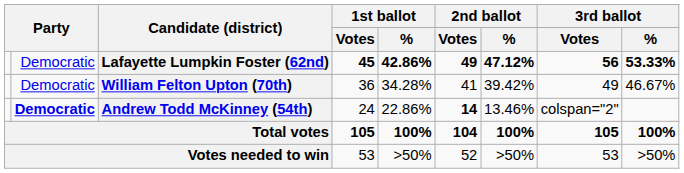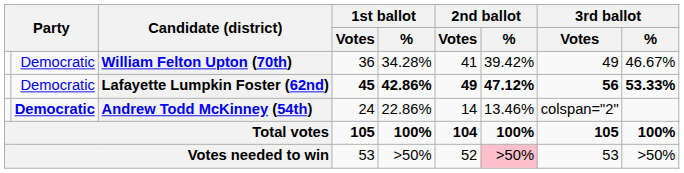 <table class="wikitable plainrowheaders" style="text-align: right;">
 <tr>
 <th colspan="2" rowspan="2" scope="col">Party</th>
 <th rowspan="2" scope="col">Candidate (district)</th>
 <th colspan="2" scope="col">1st ballot</th>
 <th colspan="2" scope="col">2nd ballot</th>
 <th colspan="2" scope="col">3rd ballot</th>
 </tr>
 <tr>
 <th scope="col">Votes</th>
 <th scope="col">%</th>
 <th scope="col">Votes</th>
 <th scope="col">%</th>
 <th scope="col">Votes</th>
 <th scope="col">%</th>
 </tr>
 <tr>
 <td style="background-color:"></td>
 <td><a href='#'>Democratic</a></td>
+<th scope="row" style="text-align: left;"><a href='#'>William Felton Upton</a> (<a href='#'>70th</a>)</th>
+<td>36</td>
+<td>34.28%</td>
+<td>41</td>
+<td>39.42%</td>
+<td>49</td>
+<td>46.67%</td>
+</tr>
+<tr>
+<td style="background-color:"></td>
+<td><a href='#'>Democratic</a></td>
 <th scope="row" style="text-align: left;"><strong>Lafayette Lumpkin Foster</strong> (<a href='#'>62nd</a>)</th>
 <td><strong>45</strong></td>
 <td><strong>42.86%</strong></td>
 <td><strong>49</strong></td>
 <td><strong>47.12%</strong></td>
 <td><strong>56</strong></td>
 <td><strong>53.33%</strong></td>
 </tr>
 <tr>
 <td style="background-color:"></td>
-<td><a href='#'>Democratic</a></td>
-<th scope="row" style="text-align: left;"><a href='#'>William Felton Upton</a> (<a href='#'>70th</a>)</th>
-<td>36</td>
-<td>34.28%</td>
-<td>41</td>
-<td>39.42%</td>
-<td>49</td>
-<td>46.67%</td>
-</tr>
-<tr>
-<td style="background-color:"></td>
 <td><strong><a href='#'>Democratic</a></strong></td>
 <th scope="row" style="text-align: left;"><a href='#'>Andrew Todd McKinney</a> (<a href='#'>54th</a>)</th>
 <td>24</td>
 <td>22.86%</td>
-<td><strong>14</strong></td>
+<td>14</td>
 <td>13.46%</td>
 <td>colspan="2" </td>
 </tr>
 <tr>
 <th colspan="3" scope="row" style="text-align: right;">Total votes</th>
 <td><strong>105</strong></td>
 <td><strong>100%</strong></td>
 <td><strong>104</strong></td>
 <td><strong>100%</strong></td>
 <td><strong>105</strong></td>
 <td><strong>100%</strong></td>
 </tr>
 <tr>
 <th colspan="3" scope="row" style="text-align: right;">Votes needed to win</th>
 <td>53</td>
 <td>>50%</td>
 <td>52</td>
-<td>>50%</td>
+<td style="background: pink;">>50%</td>
 <td>53</td>
 <td>>50%</td>
 </tr>
 </table>
